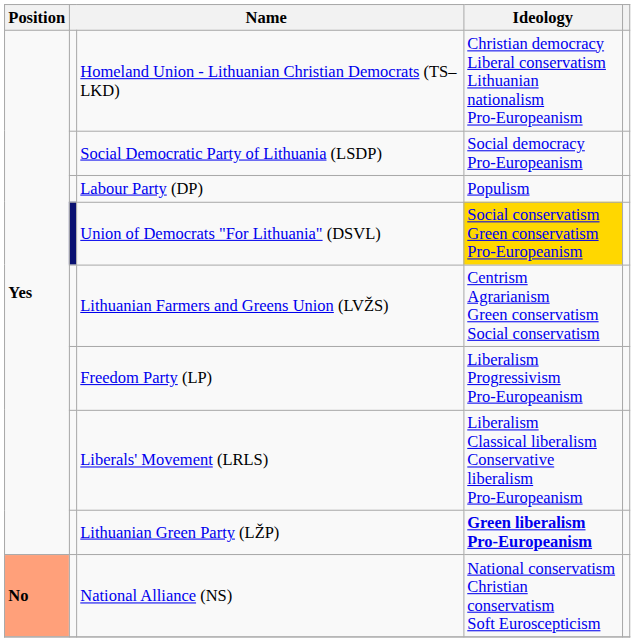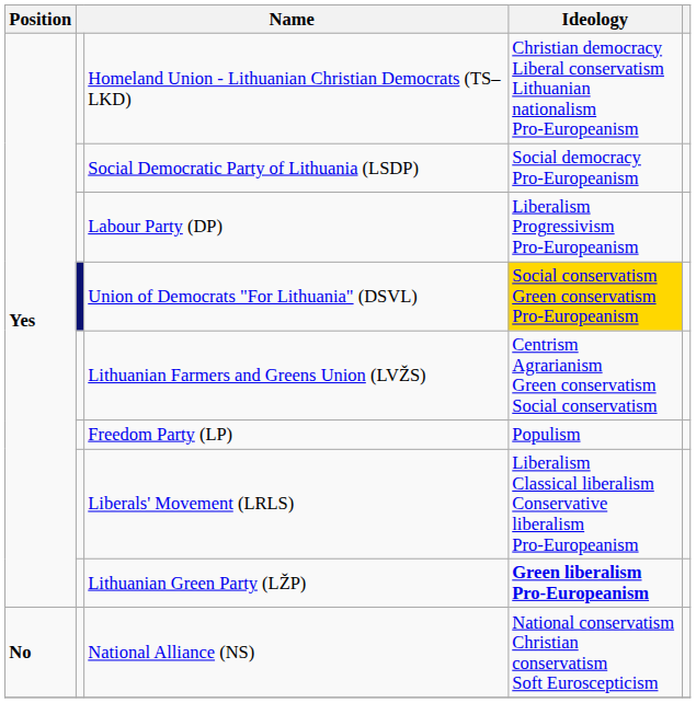 <table class="wikitable sortable">
 <tr>
 <th>Position</th>
 <th colspan="2">Name</th>
 <th>Ideology</th>
 <th></th>
 </tr>
 <tr>
 <td rowspan="8"> <strong>Yes</strong></td>
 <td></td>
 <td><a href='#'>Homeland Union - Lithuanian Christian Democrats</a> (TS–LKD)</td>
 <td><a href='#'>Christian democracy</a><br><a href='#'>Liberal conservatism</a><br><a href='#'>Lithuanian nationalism</a><br><a href='#'>Pro-Europeanism</a></td>
 <td></td>
 </tr>
 <tr>
 <td></td>
 <td><a href='#'>Social Democratic Party of Lithuania</a> (LSDP)</td>
 <td><a href='#'>Social democracy</a><br><a href='#'>Pro-Europeanism</a></td>
 <td></td>
 </tr>
 <tr>
 <td></td>
 <td><a href='#'>Labour Party</a> (DP)</td>
-<td><a href='#'>Populism</a></td>
+<td><a href='#'>Liberalism</a><br><a href='#'>Progressivism</a><br><a href='#'>Pro-Europeanism</a></td>
 <td></td>
 </tr>
 <tr>
 <td bgcolor="#0A1172"></td>
 <td><a href='#'>Union of Democrats "For Lithuania"</a> (DSVL)</td>
 <td style="background: gold;"><a href='#'>Social conservatism</a><br><a href='#'>Green conservatism</a><br><a href='#'>Pro-Europeanism</a></td>
 <td></td>
 </tr>
 <tr>
 <td></td>
 <td><a href='#'>Lithuanian Farmers and Greens Union</a> (LVŽS)</td>
 <td><a href='#'>Centrism</a><br><a href='#'>Agrarianism</a><br><a href='#'>Green conservatism</a><br><a href='#'>Social conservatism</a></td>
 <td></td>
 </tr>
 <tr>
 <td></td>
 <td><a href='#'>Freedom Party</a> (LP)</td>
-<td><a href='#'>Liberalism</a><br><a href='#'>Progressivism</a><br><a href='#'>Pro-Europeanism</a></td>
+<td><a href='#'>Populism</a></td>
 <td></td>
 </tr>
 <tr>
 <td></td>
 <td><a href='#'>Liberals' Movement</a> (LRLS)</td>
 <td><a href='#'>Liberalism</a><br><a href='#'>Classical liberalism</a><br><a href='#'>Conservative liberalism</a><br><a href='#'>Pro-Europeanism</a></td>
 <td></td>
 </tr>
 <tr>
 <td></td>
 <td><a href='#'>Lithuanian Green Party</a> (LŽP)</td>
 <td><strong><a href='#'>Green liberalism</a><br><a href='#'>Pro-Europeanism</a></strong></td>
 <td></td>
 </tr>
 <tr>
-<td rowspan="1" style="background: lightsalmon;"> <strong>No</strong></td>
+<td rowspan="1"> <strong>No</strong></td>
 <td></td>
 <td><a href='#'>National Alliance</a> (NS)</td>
 <td><a href='#'>National conservatism</a><br><a href='#'>Christian conservatism</a><br><a href='#'>Soft Euroscepticism</a></td>
 <td></td>
 </tr>
 <tr>
 </tr>
 </table>
